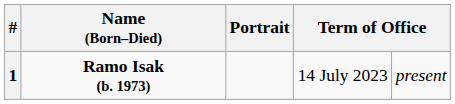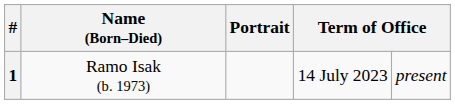 <table class="wikitable" style="text-align:center">
 <tr ->
 <th>#</th>
 <th width=180>Name<br><small>(Born–Died)</small></th>
 <th>Portrait</th>
 <th colspan=2>Term of Office</th>
 </tr>
 <tr ->
 <th align=center style="background: ">1</th>
-<td><strong>Ramo Isak<br><small>(b. 1973)</small></strong></td>
+<td>Ramo Isak<br><small>(b. 1973)</small></td>
 <td></td>
 <td>14 July 2023</td>
 <td><em>present</em></td>
 </tr>
 </table>
